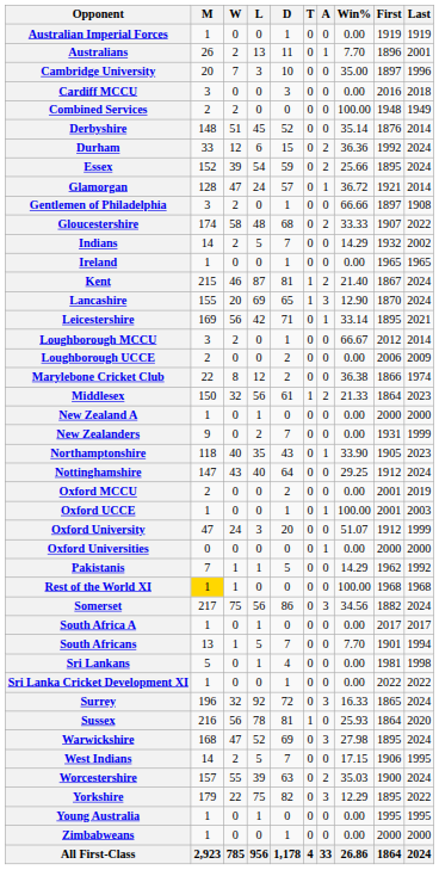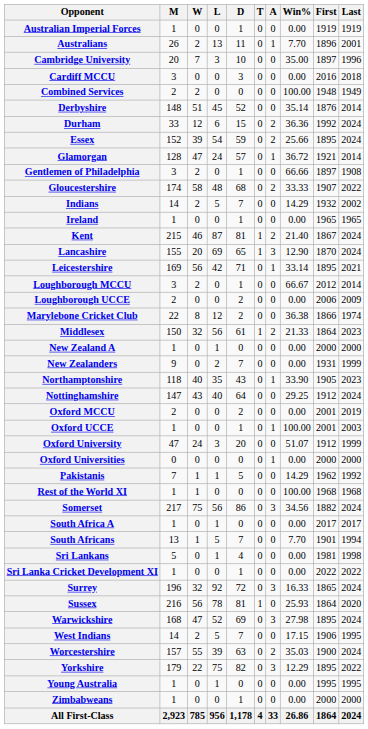 <table class="wikitable plainrowheaders sortable" style="text-align:center">
 <tr>
 <th scope="col">Opponent</th>
 <th scope="col">M</th>
 <th scope="col">W</th>
 <th scope="col">L</th>
 <th scope="col">D</th>
 <th scope="col">T</th>
 <th score="col">A</th>
 <th scope="col">Win%</th>
 <th scope="col">First</th>
 <th scope="col">Last</th>
 </tr>
 <tr>
 <th scope="row"><a href='#'>Australian Imperial Forces</a></th>
 <td>1</td>
 <td>0</td>
 <td>0</td>
 <td>1</td>
 <td>0</td>
 <td>0</td>
 <td>0.00</td>
 <td>1919</td>
 <td>1919</td>
 </tr>
 <tr>
 <th scope="row"><a href='#'>Australians</a></th>
 <td>26</td>
 <td>2</td>
 <td>13</td>
 <td>11</td>
 <td>0</td>
 <td>1</td>
 <td>7.70</td>
 <td>1896</td>
 <td>2001</td>
 </tr>
 <tr>
 <th scope="row"><a href='#'>Cambridge University</a></th>
 <td>20</td>
 <td>7</td>
 <td>3</td>
 <td>10</td>
 <td>0</td>
 <td>0</td>
 <td>35.00</td>
 <td>1897</td>
 <td>1996</td>
 </tr>
 <tr>
 <th scope="row"><a href='#'>Cardiff MCCU</a></th>
 <td>3</td>
 <td>0</td>
 <td>0</td>
 <td>3</td>
 <td>0</td>
 <td>0</td>
 <td>0.00</td>
 <td>2016</td>
 <td>2018</td>
 </tr>
 <tr>
 <th scope="row"><a href='#'>Combined Services</a></th>
 <td>2</td>
 <td>2</td>
 <td>0</td>
 <td>0</td>
 <td>0</td>
 <td>0</td>
 <td>100.00</td>
 <td>1948</td>
 <td>1949</td>
 </tr>
 <tr>
 <th scope="row"><a href='#'>Derbyshire</a></th>
 <td>148</td>
 <td>51</td>
 <td>45</td>
 <td>52</td>
 <td>0</td>
 <td>0</td>
 <td>35.14</td>
 <td>1876</td>
 <td>2014</td>
 </tr>
 <tr>
 <th scope="row"><a href='#'>Durham</a></th>
 <td>33</td>
 <td>12</td>
 <td>6</td>
 <td>15</td>
 <td>0</td>
 <td>2</td>
 <td>36.36</td>
 <td>1992</td>
 <td>2024</td>
 </tr>
 <tr>
 <th scope="row"><a href='#'>Essex</a></th>
 <td>152</td>
 <td>39</td>
 <td>54</td>
 <td>59</td>
 <td>0</td>
 <td>2</td>
 <td>25.66</td>
 <td>1895</td>
 <td>2024</td>
 </tr>
 <tr>
 <th scope="row"><a href='#'>Glamorgan</a></th>
 <td>128</td>
 <td>47</td>
 <td>24</td>
 <td>57</td>
 <td>0</td>
 <td>1</td>
 <td>36.72</td>
 <td>1921</td>
 <td>2014</td>
 </tr>
 <tr>
 <th scope="row"><a href='#'>Gentlemen of Philadelphia</a></th>
 <td>3</td>
 <td>2</td>
 <td>0</td>
 <td>1</td>
 <td>0</td>
 <td>0</td>
 <td>66.66</td>
 <td>1897</td>
 <td>1908</td>
 </tr>
 <tr>
 <th scope="row"><a href='#'>Gloucestershire</a></th>
 <td>174</td>
 <td>58</td>
 <td>48</td>
 <td>68</td>
 <td>0</td>
 <td>2</td>
 <td>33.33</td>
 <td>1907</td>
 <td>2022</td>
 </tr>
 <tr>
 <th scope="row"><a href='#'>Indians</a></th>
 <td>14</td>
 <td>2</td>
 <td>5</td>
 <td>7</td>
 <td>0</td>
 <td>0</td>
 <td>14.29</td>
 <td>1932</td>
 <td>2002</td>
 </tr>
 <tr>
 <th scope="row"><a href='#'>Ireland</a></th>
 <td>1</td>
 <td>0</td>
 <td>0</td>
 <td>1</td>
 <td>0</td>
 <td>0</td>
 <td>0.00</td>
 <td>1965</td>
 <td>1965</td>
 </tr>
 <tr>
 <th scope="row"><a href='#'>Kent</a></th>
 <td>215</td>
 <td>46</td>
 <td>87</td>
 <td>81</td>
 <td>1</td>
 <td>2</td>
 <td>21.40</td>
 <td>1867</td>
 <td>2024</td>
 </tr>
 <tr>
 <th scope="row"><a href='#'>Lancashire</a></th>
 <td>155</td>
 <td>20</td>
 <td>69</td>
 <td>65</td>
 <td>1</td>
 <td>3</td>
 <td>12.90</td>
 <td>1870</td>
 <td>2024</td>
 </tr>
 <tr>
 <th scope="row"><a href='#'>Leicestershire</a></th>
 <td>169</td>
 <td>56</td>
 <td>42</td>
 <td>71</td>
 <td>0</td>
 <td>1</td>
 <td>33.14</td>
 <td>1895</td>
 <td>2021</td>
 </tr>
 <tr>
 <th scope="row"><a href='#'>Loughborough MCCU</a></th>
 <td>3</td>
 <td>2</td>
 <td>0</td>
 <td>1</td>
 <td>0</td>
 <td>0</td>
 <td>66.67</td>
 <td>2012</td>
 <td>2014</td>
 </tr>
 <tr>
 <th scope="row"><a href='#'>Loughborough UCCE</a></th>
 <td>2</td>
 <td>0</td>
 <td>0</td>
 <td>2</td>
 <td>0</td>
 <td>0</td>
 <td>0.00</td>
 <td>2006</td>
 <td>2009</td>
 </tr>
 <tr>
 <th scope="row"><a href='#'>Marylebone Cricket Club</a></th>
 <td>22</td>
 <td>8</td>
 <td>12</td>
 <td>2</td>
 <td>0</td>
 <td>0</td>
 <td>36.38</td>
 <td>1866</td>
 <td>1974</td>
 </tr>
 <tr>
 <th scope="row"><a href='#'>Middlesex</a></th>
 <td>150</td>
 <td>32</td>
 <td>56</td>
 <td>61</td>
 <td>1</td>
 <td>2</td>
 <td>21.33</td>
 <td>1864</td>
 <td>2023</td>
 </tr>
 <tr>
 <th scope="row"><a href='#'>New Zealand A</a></th>
 <td>1</td>
 <td>0</td>
 <td>1</td>
 <td>0</td>
 <td>0</td>
 <td>0</td>
 <td>0.00</td>
 <td>2000</td>
 <td>2000</td>
 </tr>
 <tr>
 <th scope="row"><a href='#'>New Zealanders</a></th>
 <td>9</td>
 <td>0</td>
 <td>2</td>
 <td>7</td>
 <td>0</td>
 <td>0</td>
 <td>0.00</td>
 <td>1931</td>
 <td>1999</td>
 </tr>
 <tr>
 <th scope="row"><a href='#'>Northamptonshire</a></th>
 <td>118</td>
 <td>40</td>
 <td>35</td>
 <td>43</td>
 <td>0</td>
 <td>1</td>
 <td>33.90</td>
 <td>1905</td>
 <td>2023</td>
 </tr>
 <tr>
 <th scope="row"><a href='#'>Nottinghamshire</a></th>
 <td>147</td>
 <td>43</td>
 <td>40</td>
 <td>64</td>
 <td>0</td>
 <td>0</td>
 <td>29.25</td>
 <td>1912</td>
 <td>2024</td>
 </tr>
 <tr>
 <th scope="row"><a href='#'>Oxford MCCU</a></th>
 <td>2</td>
 <td>0</td>
 <td>0</td>
 <td>2</td>
 <td>0</td>
 <td>0</td>
 <td>0.00</td>
 <td>2001</td>
 <td>2019</td>
 </tr>
 <tr>
 <th scope="row"><a href='#'>Oxford UCCE</a></th>
 <td>1</td>
 <td>0</td>
 <td>0</td>
 <td>1</td>
 <td>0</td>
 <td>1</td>
 <td>100.00</td>
 <td>2001</td>
 <td>2003</td>
 </tr>
 <tr>
 <th scope="row"><a href='#'>Oxford University</a></th>
 <td>47</td>
 <td>24</td>
 <td>3</td>
 <td>20</td>
 <td>0</td>
 <td>0</td>
 <td>51.07</td>
 <td>1912</td>
 <td>1999</td>
 </tr>
 <tr>
 <th scope="row"><a href='#'>Oxford Universities</a></th>
 <td>0</td>
 <td>0</td>
 <td>0</td>
 <td>0</td>
 <td>0</td>
 <td>1</td>
 <td>0.00</td>
 <td>2000</td>
 <td>2000</td>
 </tr>
 <tr>
 <th scope="row"><a href='#'>Pakistanis</a></th>
 <td>7</td>
 <td>1</td>
 <td>1</td>
 <td>5</td>
 <td>0</td>
 <td>0</td>
 <td>14.29</td>
 <td>1962</td>
 <td>1992</td>
 </tr>
 <tr>
 <th scope="row"><a href='#'>Rest of the World XI</a></th>
-<td style="background: gold;">1</td>
+<td>1</td>
 <td>1</td>
 <td>0</td>
 <td>0</td>
 <td>0</td>
 <td>0</td>
 <td>100.00</td>
 <td>1968</td>
 <td>1968</td>
 </tr>
 <tr>
 <th scope="row"><a href='#'>Somerset</a></th>
 <td>217</td>
 <td>75</td>
 <td>56</td>
 <td>86</td>
 <td>0</td>
 <td>3</td>
 <td>34.56</td>
 <td>1882</td>
 <td>2024</td>
 </tr>
 <tr>
 <th scope="row"><a href='#'>South Africa A</a></th>
 <td>1</td>
 <td>0</td>
 <td>1</td>
 <td>0</td>
 <td>0</td>
 <td>0</td>
 <td>0.00</td>
 <td>2017</td>
 <td>2017</td>
 </tr>
 <tr>
 <th scope="row"><a href='#'>South Africans</a></th>
 <td>13</td>
 <td>1</td>
 <td>5</td>
 <td>7</td>
 <td>0</td>
 <td>0</td>
 <td>7.70</td>
 <td>1901</td>
 <td>1994</td>
 </tr>
 <tr>
 <th scope="row"><a href='#'>Sri Lankans</a></th>
 <td>5</td>
 <td>0</td>
 <td>1</td>
 <td>4</td>
 <td>0</td>
 <td>0</td>
 <td>0.00</td>
 <td>1981</td>
 <td>1998</td>
 </tr>
 <tr>
 <th scope="row"><a href='#'>Sri Lanka Cricket Development XI</a></th>
 <td>1</td>
 <td>0</td>
 <td>0</td>
 <td>1</td>
 <td>0</td>
 <td>0</td>
 <td>0.00</td>
 <td>2022</td>
 <td>2022</td>
 </tr>
 <tr>
 <th scope="row"><a href='#'>Surrey</a></th>
 <td>196</td>
 <td>32</td>
 <td>92</td>
 <td>72</td>
 <td>0</td>
 <td>3</td>
 <td>16.33</td>
 <td>1865</td>
 <td>2024</td>
 </tr>
 <tr>
 <th scope="row"><a href='#'>Sussex</a></th>
 <td>216</td>
 <td>56</td>
 <td>78</td>
 <td>81</td>
 <td>1</td>
 <td>0</td>
 <td>25.93</td>
 <td>1864</td>
 <td>2020</td>
 </tr>
 <tr>
 <th scope="row"><a href='#'>Warwickshire</a></th>
 <td>168</td>
 <td>47</td>
 <td>52</td>
 <td>69</td>
 <td>0</td>
 <td>3</td>
 <td>27.98</td>
 <td>1895</td>
 <td>2024</td>
 </tr>
 <tr>
 <th scope="row"><a href='#'>West Indians</a></th>
 <td>14</td>
 <td>2</td>
 <td>5</td>
 <td>7</td>
 <td>0</td>
 <td>0</td>
 <td>17.15</td>
 <td>1906</td>
 <td>1995</td>
 </tr>
 <tr>
 <th scope="row"><a href='#'>Worcestershire</a></th>
 <td>157</td>
 <td>55</td>
 <td>39</td>
 <td>63</td>
 <td>0</td>
 <td>2</td>
 <td>35.03</td>
 <td>1900</td>
 <td>2024</td>
 </tr>
 <tr>
 <th scope="row"><a href='#'>Yorkshire</a></th>
 <td>179</td>
 <td>22</td>
 <td>75</td>
 <td>82</td>
 <td>0</td>
 <td>3</td>
 <td>12.29</td>
 <td>1895</td>
 <td>2022</td>
 </tr>
 <tr>
 <th scope="row"><a href='#'>Young Australia</a></th>
 <td>1</td>
 <td>0</td>
 <td>1</td>
 <td>0</td>
 <td>0</td>
 <td>0</td>
 <td>0.00</td>
 <td>1995</td>
 <td>1995</td>
 </tr>
 <tr>
 <th scope="row"><a href='#'>Zimbabweans</a></th>
 <td>1</td>
 <td>0</td>
 <td>0</td>
 <td>1</td>
 <td>0</td>
 <td>0</td>
 <td>0.00</td>
 <td>2000</td>
 <td>2000</td>
 </tr>
 <tr>
 <th>All First-Class</th>
 <th>2,923</th>
 <th>785</th>
 <th>956</th>
 <th>1,178</th>
 <th>4</th>
 <th>33</th>
 <th>26.86</th>
 <th>1864</th>
 <th>2024</th>
 </tr>
 </table>
